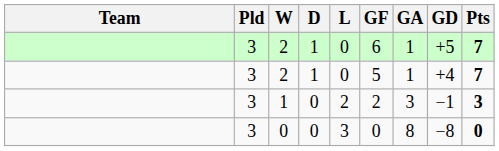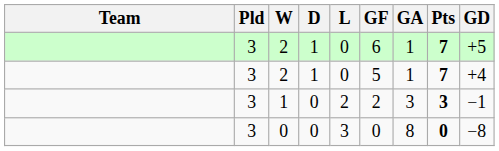 <table class=wikitable style="text-align:center">
 <tr>
 <th width=200>Team</th>
 <th width=20>Pld</th>
 <th width=20>W</th>
 <th width=20>D</th>
 <th width=20>L</th>
 <th width=20>GF</th>
 <th width=20>GA</th>
+<th width=20>Pts</th>
 <th width=20>GD</th>
-<th width=20>Pts</th>
 </tr>
 <tr style="background:#ccffcc;">
 <td align="left"></td>
 <td>3</td>
 <td>2</td>
 <td>1</td>
 <td>0</td>
 <td>6</td>
 <td>1</td>
+<td><strong>7</strong></td>
 <td>+5</td>
-<td><strong>7</strong></td>
 </tr>
 <tr>
 <td align="left"></td>
 <td>3</td>
 <td>2</td>
 <td>1</td>
 <td>0</td>
 <td>5</td>
 <td>1</td>
+<td><strong>7</strong></td>
 <td>+4</td>
-<td><strong>7</strong></td>
 </tr>
 <tr>
 <td align="left"></td>
 <td>3</td>
 <td>1</td>
 <td>0</td>
 <td>2</td>
 <td>2</td>
 <td>3</td>
+<td><strong>3</strong></td>
 <td>−1</td>
-<td><strong>3</strong></td>
 </tr>
 <tr>
 <td align="left"></td>
 <td>3</td>
 <td>0</td>
 <td>0</td>
 <td>3</td>
 <td>0</td>
 <td>8</td>
+<td><strong>0</strong></td>
 <td>−8</td>
-<td><strong>0</strong></td>
 </tr>
 </table>
